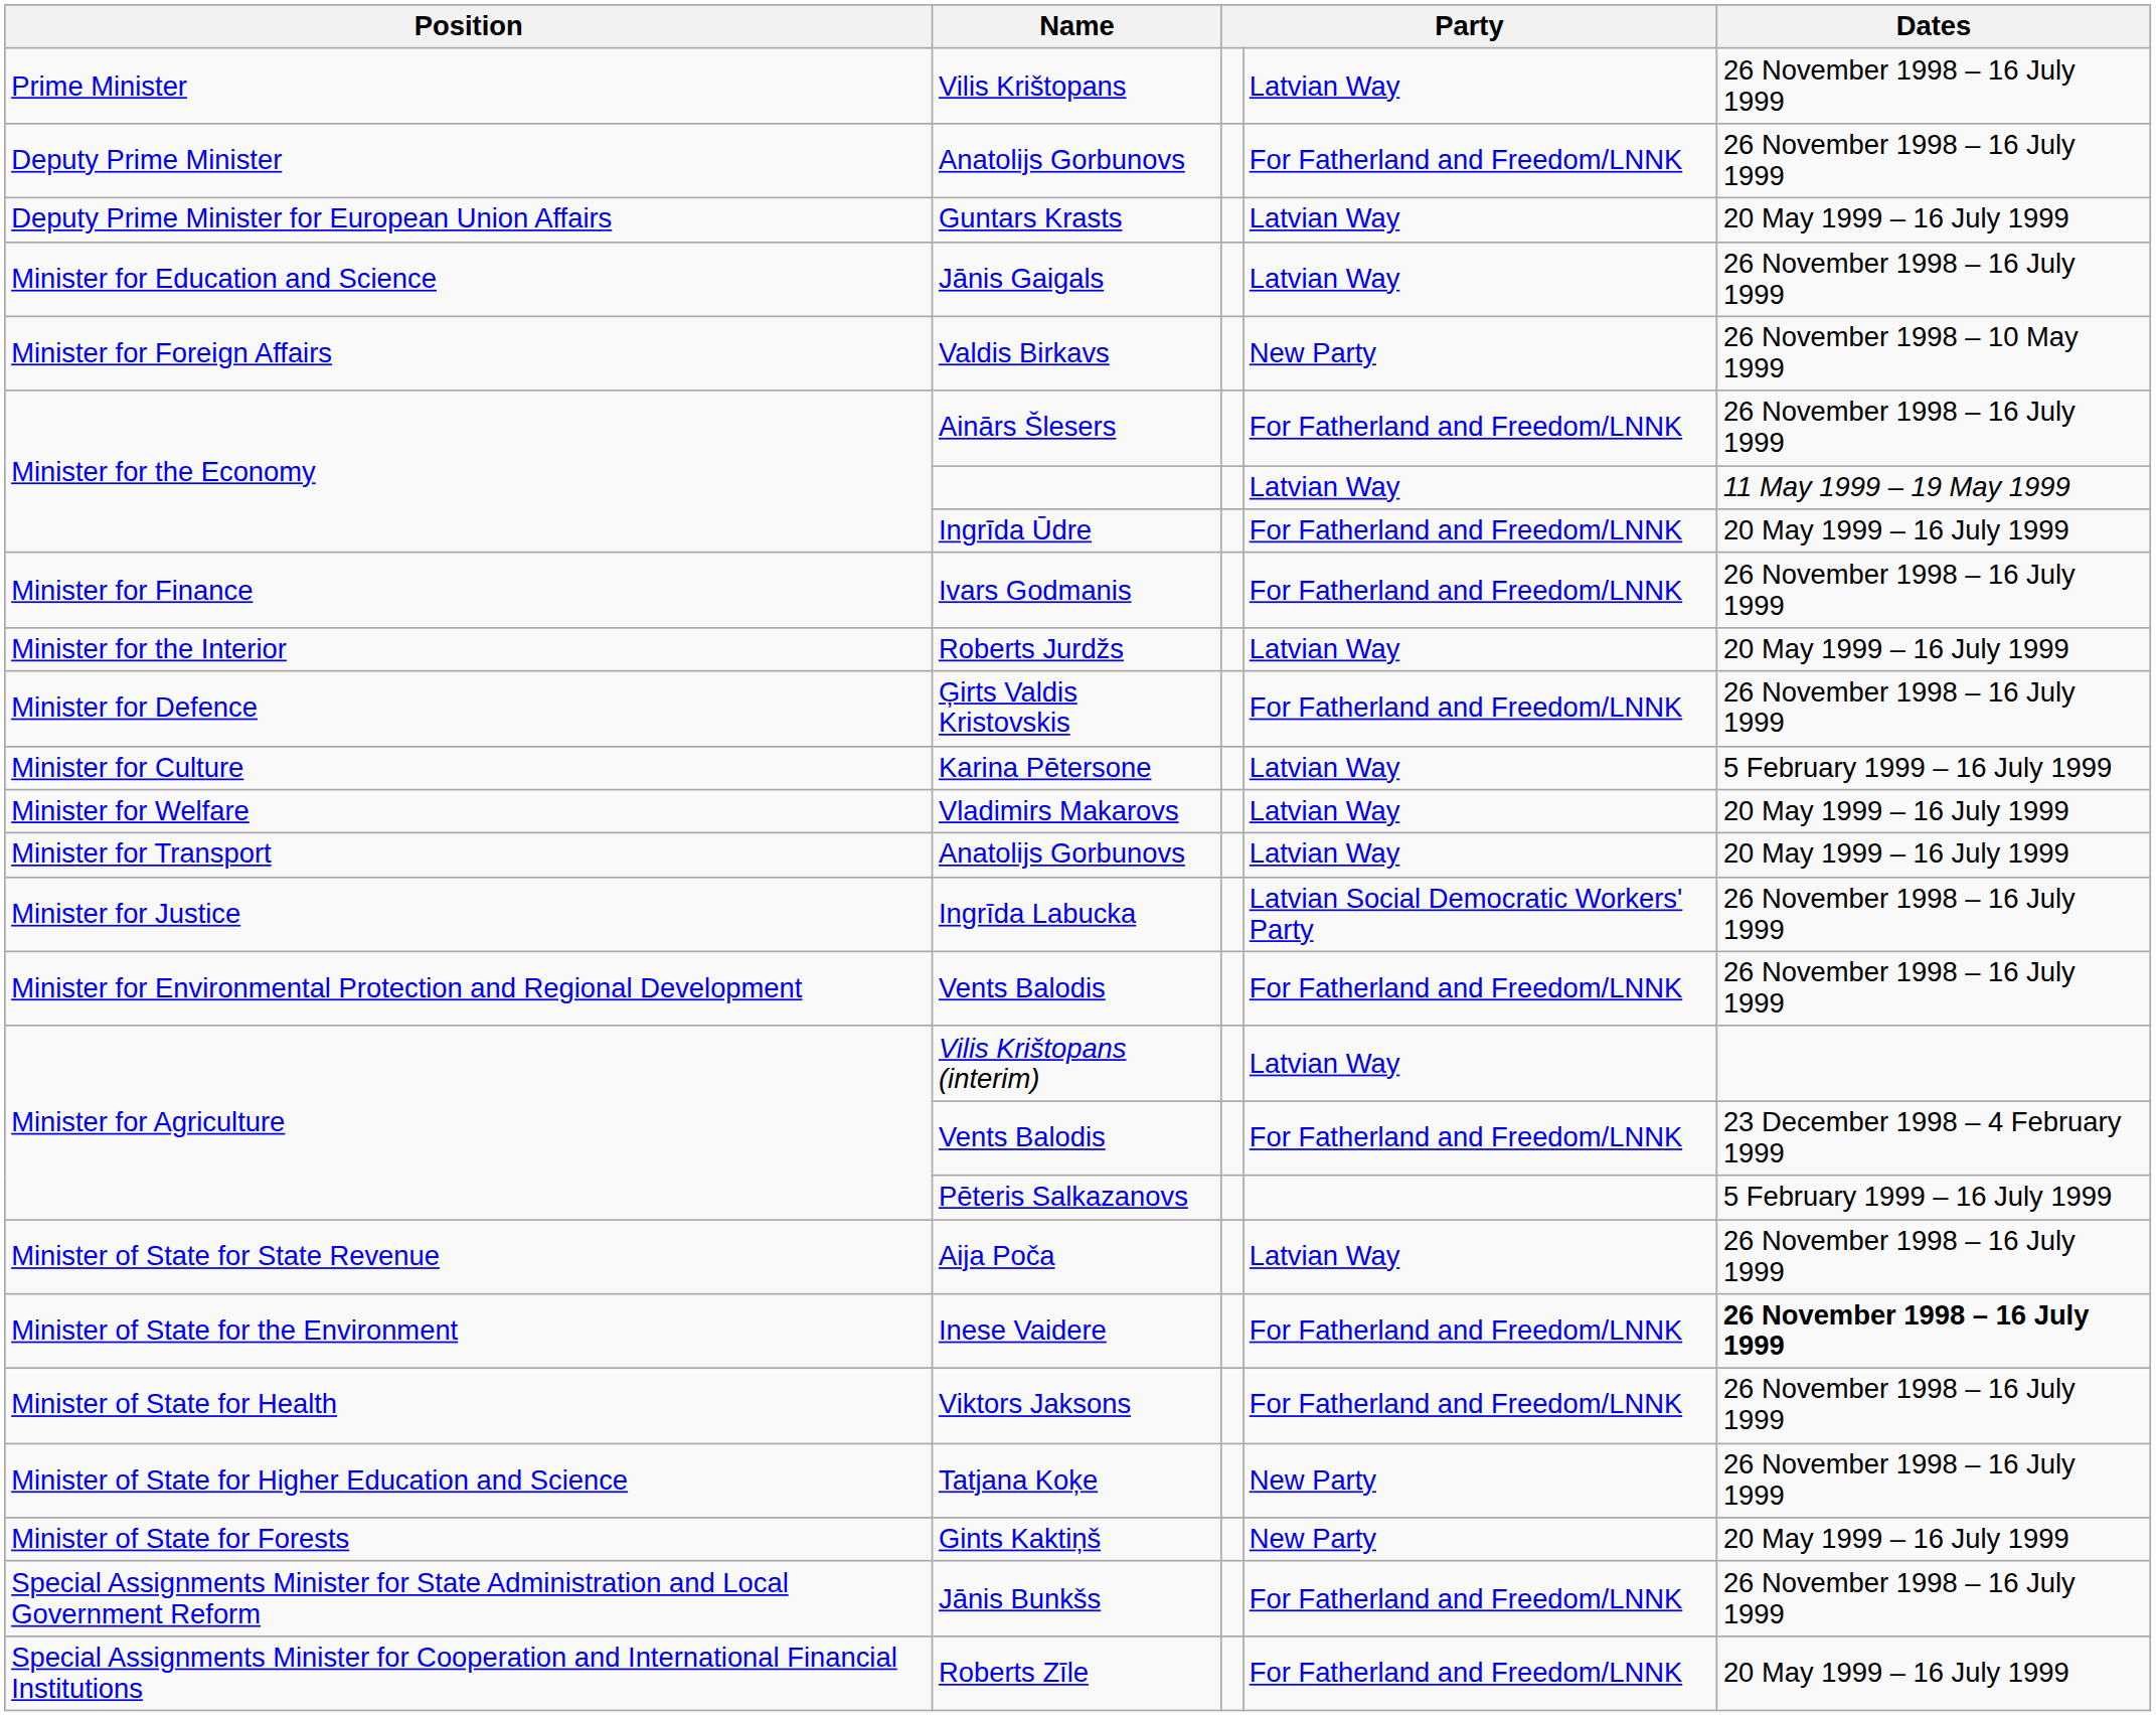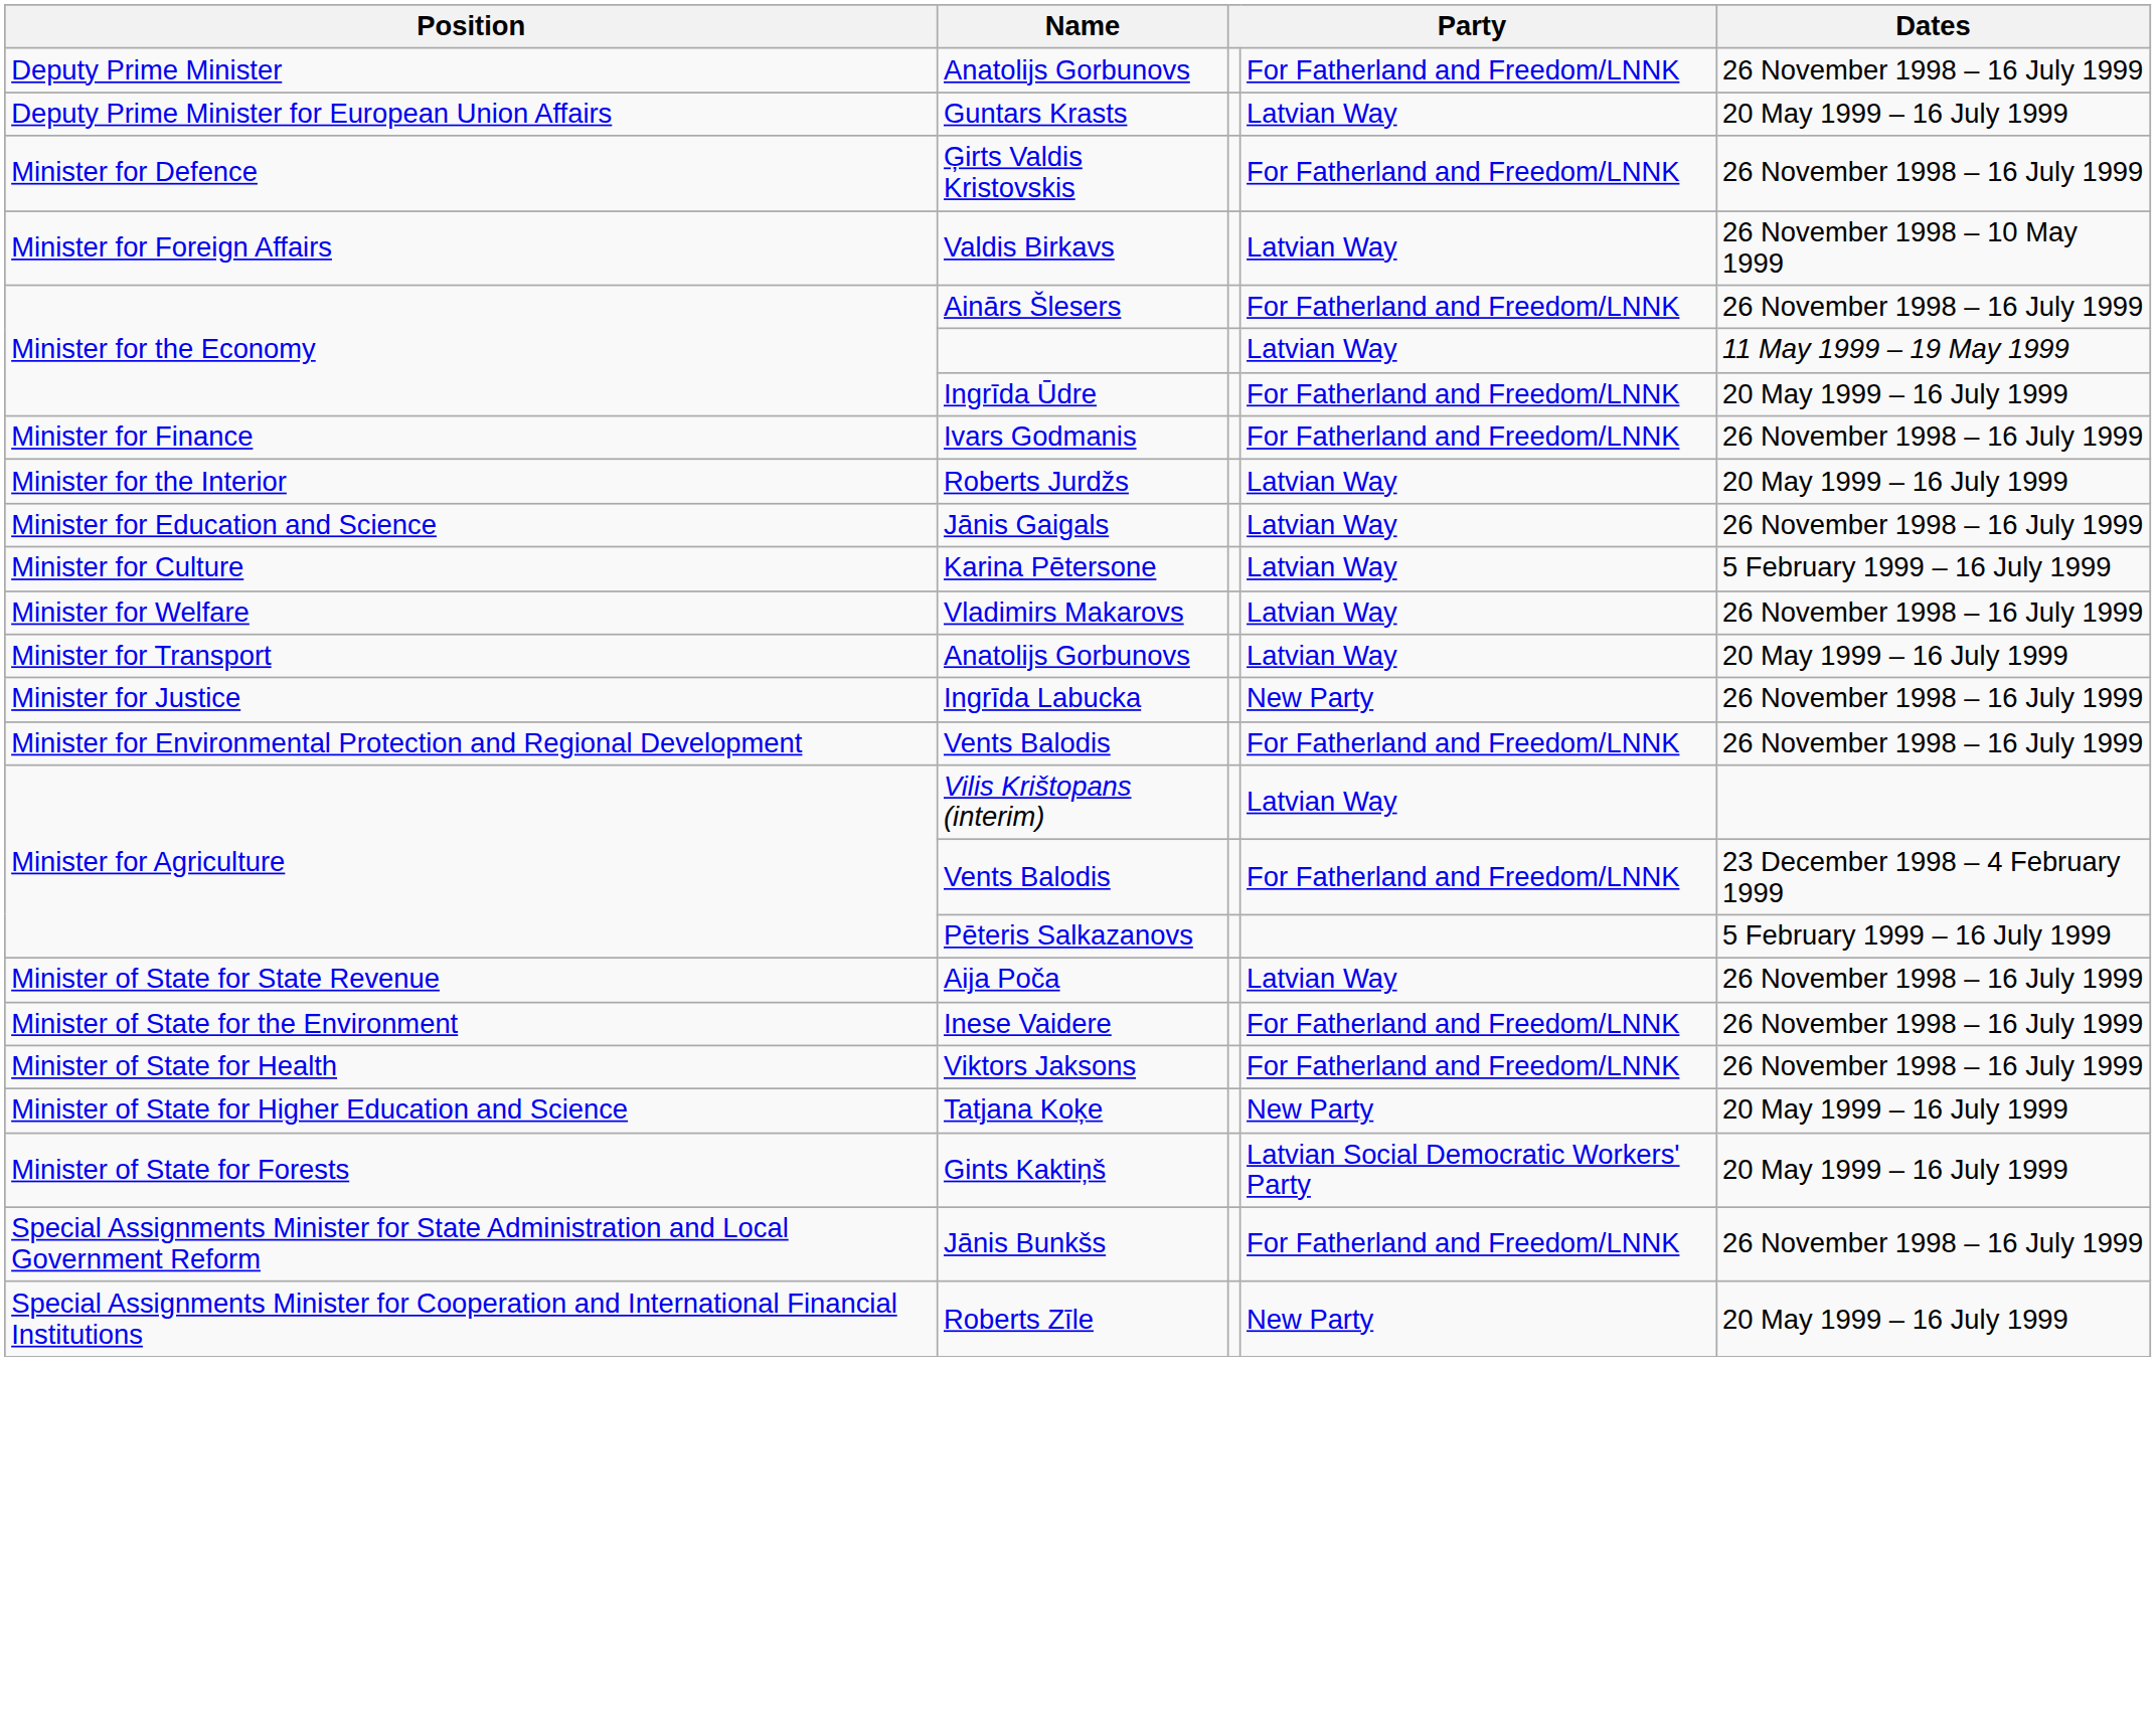 <table class="wikitable">
 <tr>
 <th>Position</th>
 <th>Name</th>
 <th colspan=2>Party</th>
 <th>Dates</th>
-</tr>
-<tr>
-<td><a href='#'>Prime Minister</a></td>
-<td><a href='#'>Vilis Krištopans</a></td>
-<td width=5px style="background-color: "></td>
-<td><a href='#'>Latvian Way</a></td>
-<td>26 November 1998 – 16 July 1999</td>
 </tr>
 <tr>
 <td><a href='#'>Deputy Prime Minister</a></td>
 <td><a href='#'>Anatolijs Gorbunovs</a></td>
 <td style="background-color: "></td>
 <td><a href='#'>For Fatherland and Freedom/LNNK</a></td>
 <td>26 November 1998 – 16 July 1999</td>
 </tr>
 <tr>
 <td><a href='#'>Deputy Prime Minister for European Union Affairs</a></td>
 <td><a href='#'>Guntars Krasts</a></td>
 <td style="background-color: "></td>
 <td><a href='#'>Latvian Way</a></td>
 <td>20 May 1999 – 16 July 1999</td>
 </tr>
 <tr>
-<td><a href='#'>Minister for Education and Science</a></td>
-<td><a href='#'>Jānis Gaigals</a></td>
+<td><a href='#'>Minister for Defence</a></td>
+<td><a href='#'>Ģirts Valdis Kristovskis</a></td>
 <td style="background-color: "></td>
-<td><a href='#'>Latvian Way</a></td>
+<td><a href='#'>For Fatherland and Freedom/LNNK</a></td>
 <td>26 November 1998 – 16 July 1999</td>
 </tr>
 <tr>
 <td><a href='#'>Minister for Foreign Affairs</a></td>
 <td><a href='#'>Valdis Birkavs</a></td>
 <td style="background-color: "></td>
-<td><a href='#'>New Party</a></td>
+<td><a href='#'>Latvian Way</a></td>
 <td>26 November 1998 – 10 May 1999</td>
 </tr>
 <tr>
 <td rowspan="3"><a href='#'>Minister for the Economy</a></td>
 <td><a href='#'>Ainārs Šlesers</a></td>
 <td style="background-color: "></td>
 <td><a href='#'>For Fatherland and Freedom/LNNK</a></td>
 <td>26 November 1998 – 16 July 1999</td>
 </tr>
 <tr>
 <td></td>
 <td style="background-color: "></td>
 <td><a href='#'>Latvian Way</a></td>
 <td><em>11 May 1999 – 19 May 1999</em></td>
 </tr>
 <tr>
 <td><a href='#'>Ingrīda Ūdre</a></td>
 <td style="background-color: "></td>
 <td><a href='#'>For Fatherland and Freedom/LNNK</a></td>
 <td>20 May 1999 – 16 July 1999</td>
 </tr>
 <tr>
 <td><a href='#'>Minister for Finance</a></td>
 <td><a href='#'>Ivars Godmanis</a></td>
 <td style="background-color: "></td>
 <td><a href='#'>For Fatherland and Freedom/LNNK</a></td>
 <td>26 November 1998 – 16 July 1999</td>
 </tr>
 <tr>
 <td><a href='#'>Minister for the Interior</a></td>
 <td><a href='#'>Roberts Jurdžs</a></td>
 <td style="background-color: "></td>
 <td><a href='#'>Latvian Way</a></td>
 <td>20 May 1999 – 16 July 1999</td>
 </tr>
 <tr>
-<td><a href='#'>Minister for Defence</a></td>
-<td><a href='#'>Ģirts Valdis Kristovskis</a></td>
+<td><a href='#'>Minister for Education and Science</a></td>
+<td><a href='#'>Jānis Gaigals</a></td>
 <td style="background-color: "></td>
-<td><a href='#'>For Fatherland and Freedom/LNNK</a></td>
+<td><a href='#'>Latvian Way</a></td>
 <td>26 November 1998 – 16 July 1999</td>
 </tr>
 <tr>
 <td><a href='#'>Minister for Culture</a></td>
 <td><a href='#'>Karina Pētersone</a></td>
 <td style="background-color: "></td>
 <td><a href='#'>Latvian Way</a></td>
 <td>5 February 1999 – 16 July 1999</td>
 </tr>
 <tr>
 <td><a href='#'>Minister for Welfare</a></td>
 <td><a href='#'>Vladimirs Makarovs</a></td>
 <td style="background-color: "></td>
 <td><a href='#'>Latvian Way</a></td>
-<td>20 May 1999 – 16 July 1999</td>
+<td>26 November 1998 – 16 July 1999</td>
 </tr>
 <tr>
 <td><a href='#'>Minister for Transport</a></td>
 <td><a href='#'>Anatolijs Gorbunovs</a></td>
 <td style="background-color: "></td>
 <td><a href='#'>Latvian Way</a></td>
 <td>20 May 1999 – 16 July 1999</td>
 </tr>
 <tr>
 <td><a href='#'>Minister for Justice</a></td>
 <td><a href='#'>Ingrīda Labucka</a></td>
 <td style="background-color: "></td>
-<td><a href='#'>Latvian Social Democratic Workers' Party</a></td>
+<td><a href='#'>New Party</a></td>
 <td>26 November 1998 – 16 July 1999</td>
 </tr>
 <tr>
 <td><a href='#'>Minister for Environmental Protection and Regional Development</a></td>
 <td><a href='#'>Vents Balodis</a></td>
 <td style="background-color: "></td>
 <td><a href='#'>For Fatherland and Freedom/LNNK</a></td>
 <td>26 November 1998 – 16 July 1999</td>
 </tr>
 <tr>
 <td rowspan="3"><a href='#'>Minister for Agriculture</a></td>
 <td><em><a href='#'>Vilis Krištopans</a> (interim)</em></td>
 <td style="background-color: "></td>
 <td><a href='#'>Latvian Way</a></td>
 <td></td>
 </tr>
 <tr>
 <td><a href='#'>Vents Balodis</a></td>
 <td style="background-color: "></td>
 <td><a href='#'>For Fatherland and Freedom/LNNK</a></td>
 <td>23 December 1998 – 4 February 1999</td>
 </tr>
 <tr>
 <td><a href='#'>Pēteris Salkazanovs</a></td>
 <td style="background-color: "></td>
 <td></td>
 <td>5 February 1999 – 16 July 1999</td>
 </tr>
 <tr>
 <td><a href='#'>Minister of State for State Revenue</a></td>
 <td><a href='#'>Aija Poča</a></td>
 <td style="background-color: "></td>
 <td><a href='#'>Latvian Way</a></td>
 <td>26 November 1998 – 16 July 1999</td>
 </tr>
 <tr>
 <td><a href='#'>Minister of State for the Environment</a></td>
 <td><a href='#'>Inese Vaidere</a></td>
 <td style="background-color: "></td>
 <td><a href='#'>For Fatherland and Freedom/LNNK</a></td>
-<td><strong>26 November 1998 – 16 July 1999</strong></td>
+<td>26 November 1998 – 16 July 1999</td>
 </tr>
 <tr>
 <td><a href='#'>Minister of State for Health</a></td>
 <td><a href='#'>Viktors Jaksons</a></td>
 <td style="background-color: "></td>
 <td><a href='#'>For Fatherland and Freedom/LNNK</a></td>
 <td>26 November 1998 – 16 July 1999</td>
 </tr>
 <tr>
 <td><a href='#'>Minister of State for Higher Education and Science</a></td>
 <td><a href='#'>Tatjana Koķe</a></td>
 <td style="background-color: "></td>
 <td><a href='#'>New Party</a></td>
-<td>26 November 1998 – 16 July 1999</td>
+<td>20 May 1999 – 16 July 1999</td>
 </tr>
 <tr>
 <td><a href='#'>Minister of State for Forests</a></td>
 <td><a href='#'>Gints Kaktiņš</a></td>
 <td style="background-color: "></td>
-<td><a href='#'>New Party</a></td>
+<td><a href='#'>Latvian Social Democratic Workers' Party</a></td>
 <td>20 May 1999 – 16 July 1999</td>
 </tr>
 <tr>
 <td><a href='#'>Special Assignments Minister for State Administration and Local Government Reform</a></td>
 <td><a href='#'>Jānis Bunkšs</a></td>
 <td style="background-color: "></td>
 <td><a href='#'>For Fatherland and Freedom/LNNK</a></td>
 <td>26 November 1998 – 16 July 1999</td>
 </tr>
 <tr>
 <td><a href='#'>Special Assignments Minister for Cooperation and International Financial Institutions</a></td>
 <td><a href='#'>Roberts Zīle</a></td>
 <td style="background-color: "></td>
-<td><a href='#'>For Fatherland and Freedom/LNNK</a></td>
+<td><a href='#'>New Party</a></td>
 <td>20 May 1999 – 16 July 1999</td>
 </tr>
 </table>
